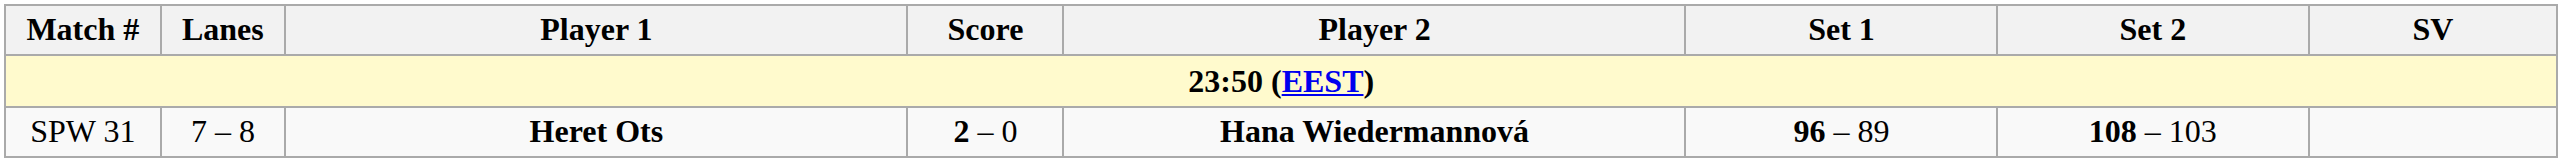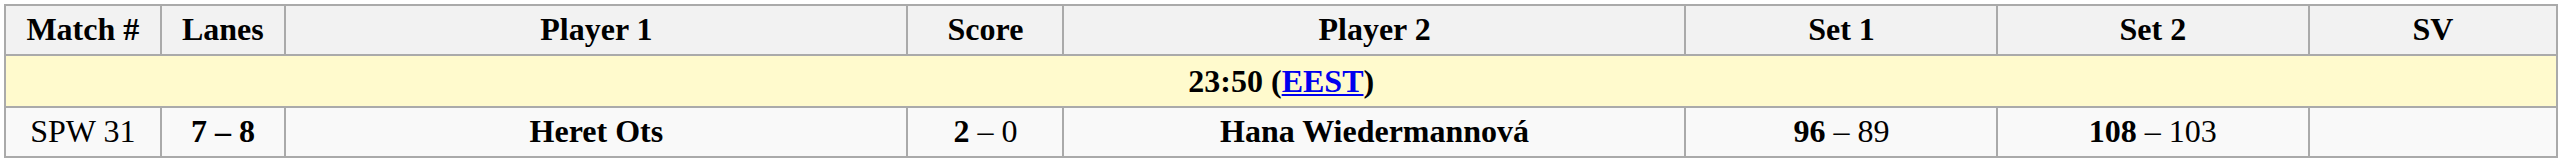 <table class="wikitable">
 <tr>
 <th width="5%">Match #</th>
 <th width="4%">Lanes</th>
 <th width="20%">Player 1</th>
 <th width="5%">Score</th>
 <th width="20%">Player 2</th>
 <th width="10%">Set 1</th>
 <th width="10%">Set 2</th>
 <th width="8%">SV</th>
 </tr>
 <tr>
 <td colspan="8" style="text-align:center; background-color:#FFFACD"><strong>23:50 (<a href='#'>EEST</a>)</strong></td>
 </tr>
 <tr style=text-align:center;"background:#;">
 <td>SPW 31</td>
-<td>7 – 8</td>
+<td><strong>7 – 8</strong></td>
 <td> <strong>Heret Ots</strong></td>
 <td><strong>2</strong> – 0</td>
 <td><strong> Hana Wiedermannová</strong></td>
 <td><strong>96</strong> – 89</td>
 <td><strong>108</strong> – 103</td>
 <td></td>
 </tr>
 </table>
